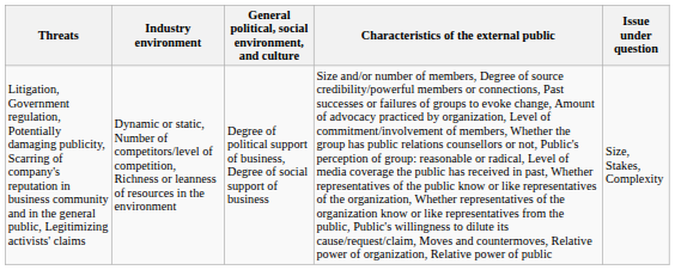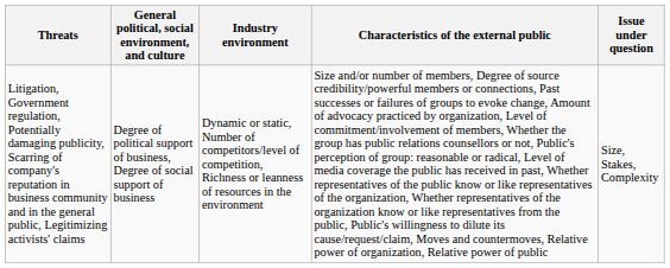 <table class="wikitable">
 <tr>
 <th>Threats</th>
+<th>General political, social environment, and culture</th>
 <th>Industry environment</th>
-<th>General political, social environment, and culture</th>
 <th>Characteristics of the external public</th>
 <th>Issue under question</th>
 </tr>
 <tr>
 <td>Litigation, Government regulation, Potentially damaging publicity, Scarring of company's reputation in business community and in the general public, Legitimizing activists' claims</td>
+<td>Degree of political support of business, Degree of social support of business</td>
 <td>Dynamic or static, Number of competitors/level of competition, Richness or leanness of resources in the environment</td>
-<td>Degree of political support of business, Degree of social support of business</td>
 <td>Size and/or number of members, Degree of source credibility/powerful members or connections, Past successes or failures of groups to evoke change, Amount of advocacy practiced by organization, Level of commitment/involvement of members, Whether the group has public relations counsellors or not, Public's perception of group: reasonable or radical, Level of media coverage the public has received in past, Whether representatives of the public know or like representatives of the organization, Whether representatives of the organization know or like representatives from the public, Public's willingness to dilute its cause/request/claim, Moves and countermoves, Relative power of organization, Relative power of public</td>
 <td>Size, Stakes, Complexity</td>
 </tr>
 </table>
